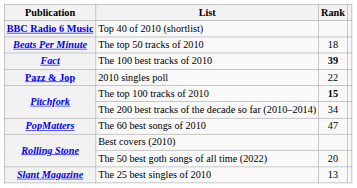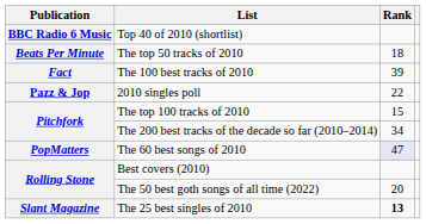 <table class="wikitable sortable plainrowheaders">
 <tr>
 <th scope="col">Publication</th>
 <th scope="col">List</th>
 <th scope="col" data-sort-type="number">Rank</th>
 <th scope="col" class="unsortable"></th>
 </tr>
 <tr>
 <th scope="row"><a href='#'>BBC Radio 6 Music</a></th>
 <td>Top 40 of 2010 (shortlist)</td>
 <td></td>
 <td style="text-align:center;"></td>
 </tr>
 <tr>
 <th scope="row"><em><a href='#'>Beats Per Minute</a></em></th>
 <td>The top 50 tracks of 2010</td>
 <td style="text-align:center;">18</td>
 <td style="text-align:center;"></td>
 </tr>
 <tr>
 <th scope="row"><em><a href='#'>Fact</a></em></th>
 <td>The 100 best tracks of 2010</td>
-<td style="text-align:center;"><strong>39</strong></td>
+<td style="text-align:center;">39</td>
 <td style="text-align:center;"></td>
 </tr>
 <tr>
 <th scope="row"><a href='#'>Pazz & Jop</a></th>
 <td>2010 singles poll</td>
 <td style="text-align:center;">22</td>
 <td style="text-align:center;"></td>
 </tr>
 <tr>
 <th scope="row" rowspan=2><em><a href='#'>Pitchfork</a></em></th>
 <td>The top 100 tracks of 2010</td>
-<td style="text-align:center;"><strong>15</strong></td>
+<td style="text-align:center;">15</td>
 <td style="text-align:center;"></td>
 </tr>
 <tr>
 <td>The 200 best tracks of the decade so far (2010–2014)</td>
 <td style="text-align:center;">34</td>
 <td style="text-align:center;"></td>
 </tr>
 <tr>
 <th scope="row"><em><a href='#'>PopMatters</a></em></th>
 <td>The 60 best songs of 2010</td>
-<td style="text-align:center;">47</td>
+<td style="background: lavender; text-align:center;">47</td>
 <td style="text-align:center;"></td>
 </tr>
 <tr>
 <th scope="row" rowspan=2><em><a href='#'>Rolling Stone</a></em></th>
 <td>Best covers (2010)</td>
 <td></td>
 <td style="text-align:center;"></td>
 </tr>
 <tr>
 <td>The 50 best goth songs of all time (2022)</td>
 <td style="text-align:center;">20</td>
 <td style="text-align:center;"></td>
 </tr>
 <tr>
 <th scope="row"><em><a href='#'>Slant Magazine</a></em></th>
 <td>The 25 best singles of 2010</td>
-<td style="text-align:center;">13</td>
+<td style="text-align:center;"><strong>13</strong></td>
 <td style="text-align:center;"></td>
 </tr>
 </table>
